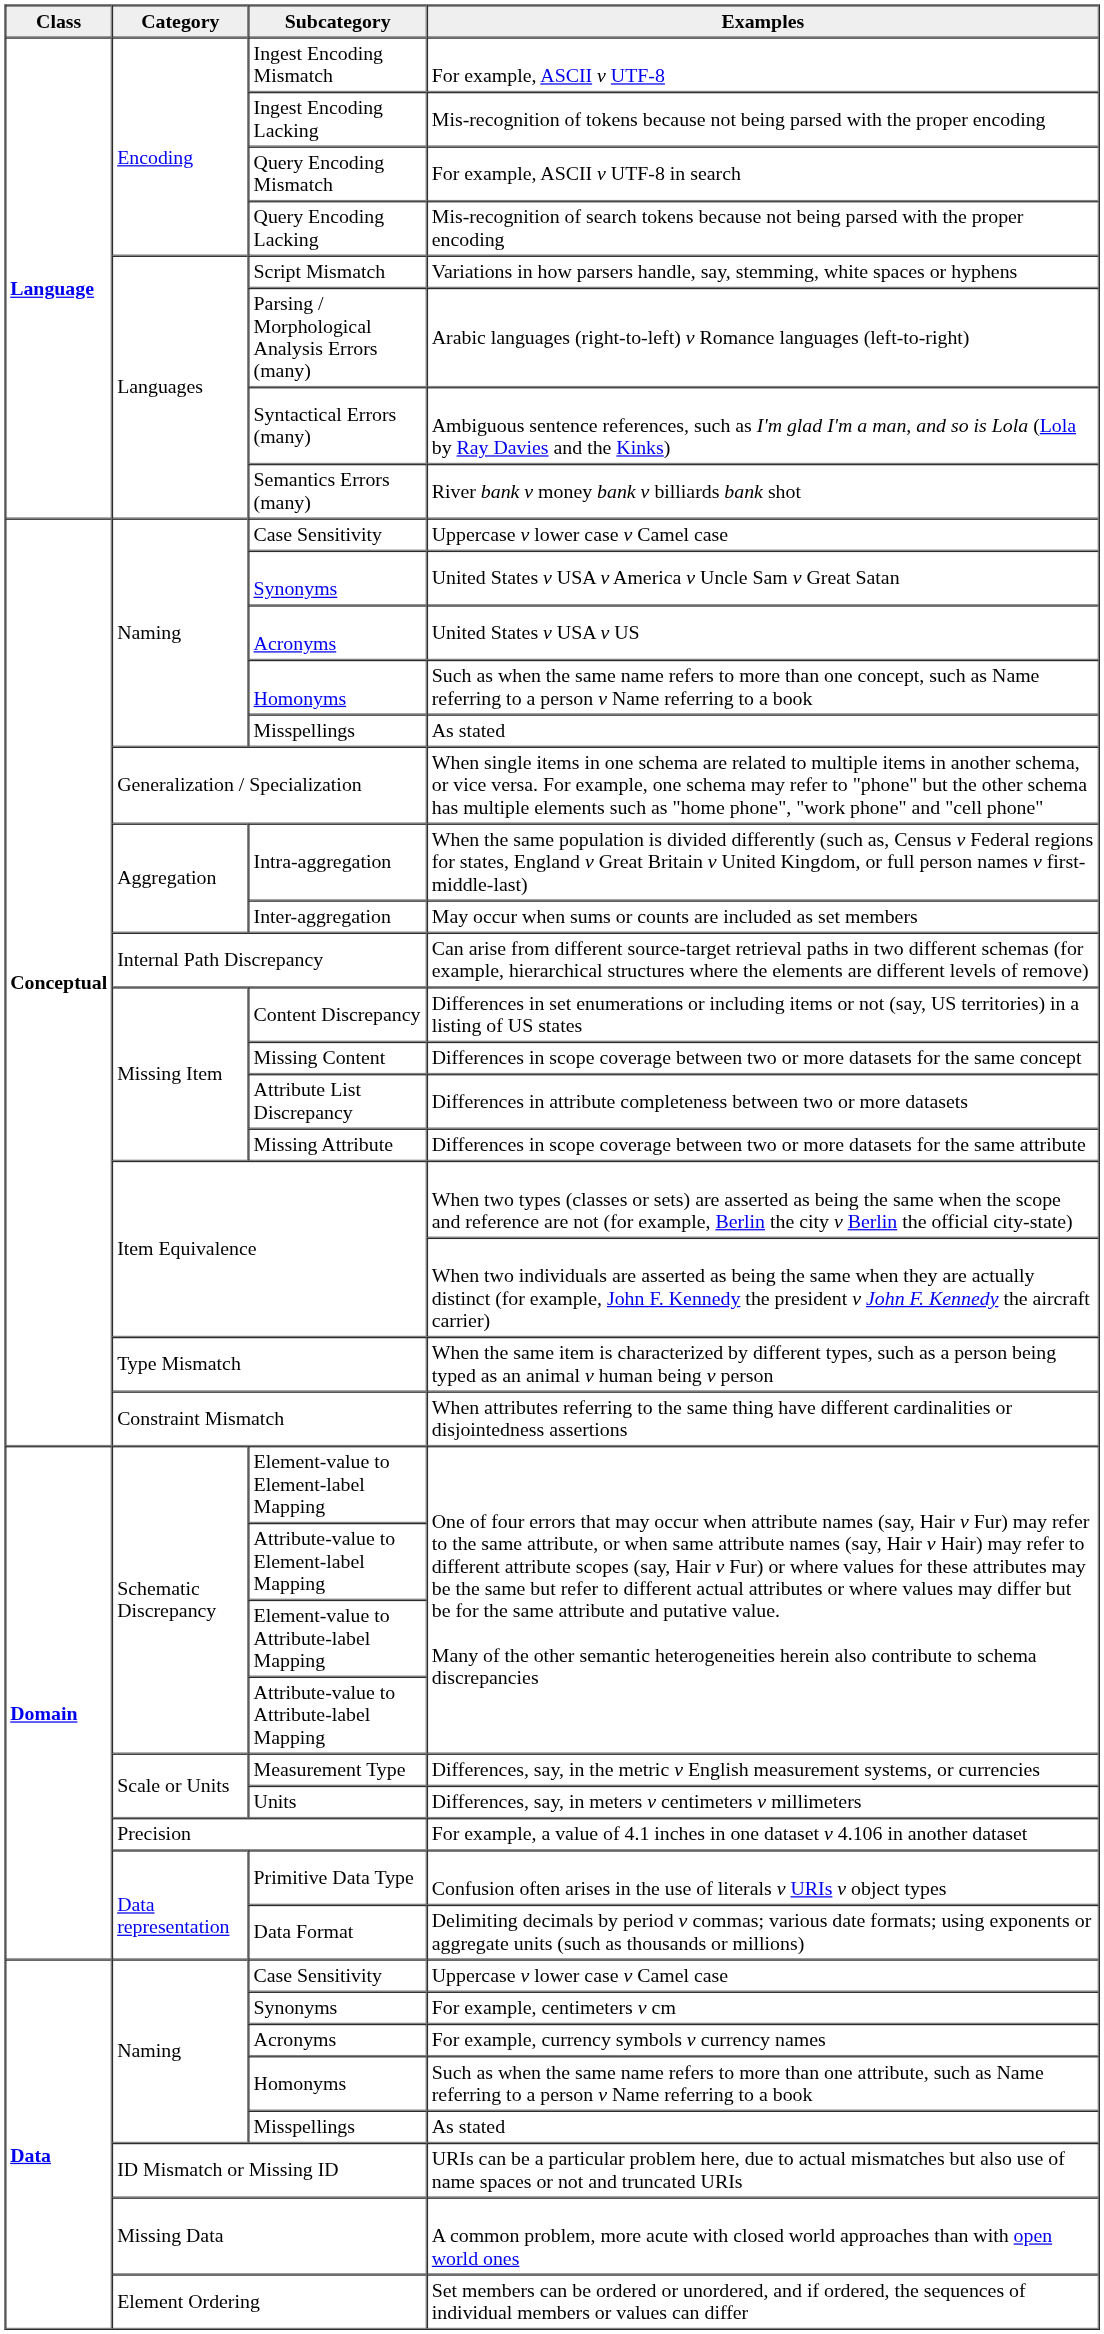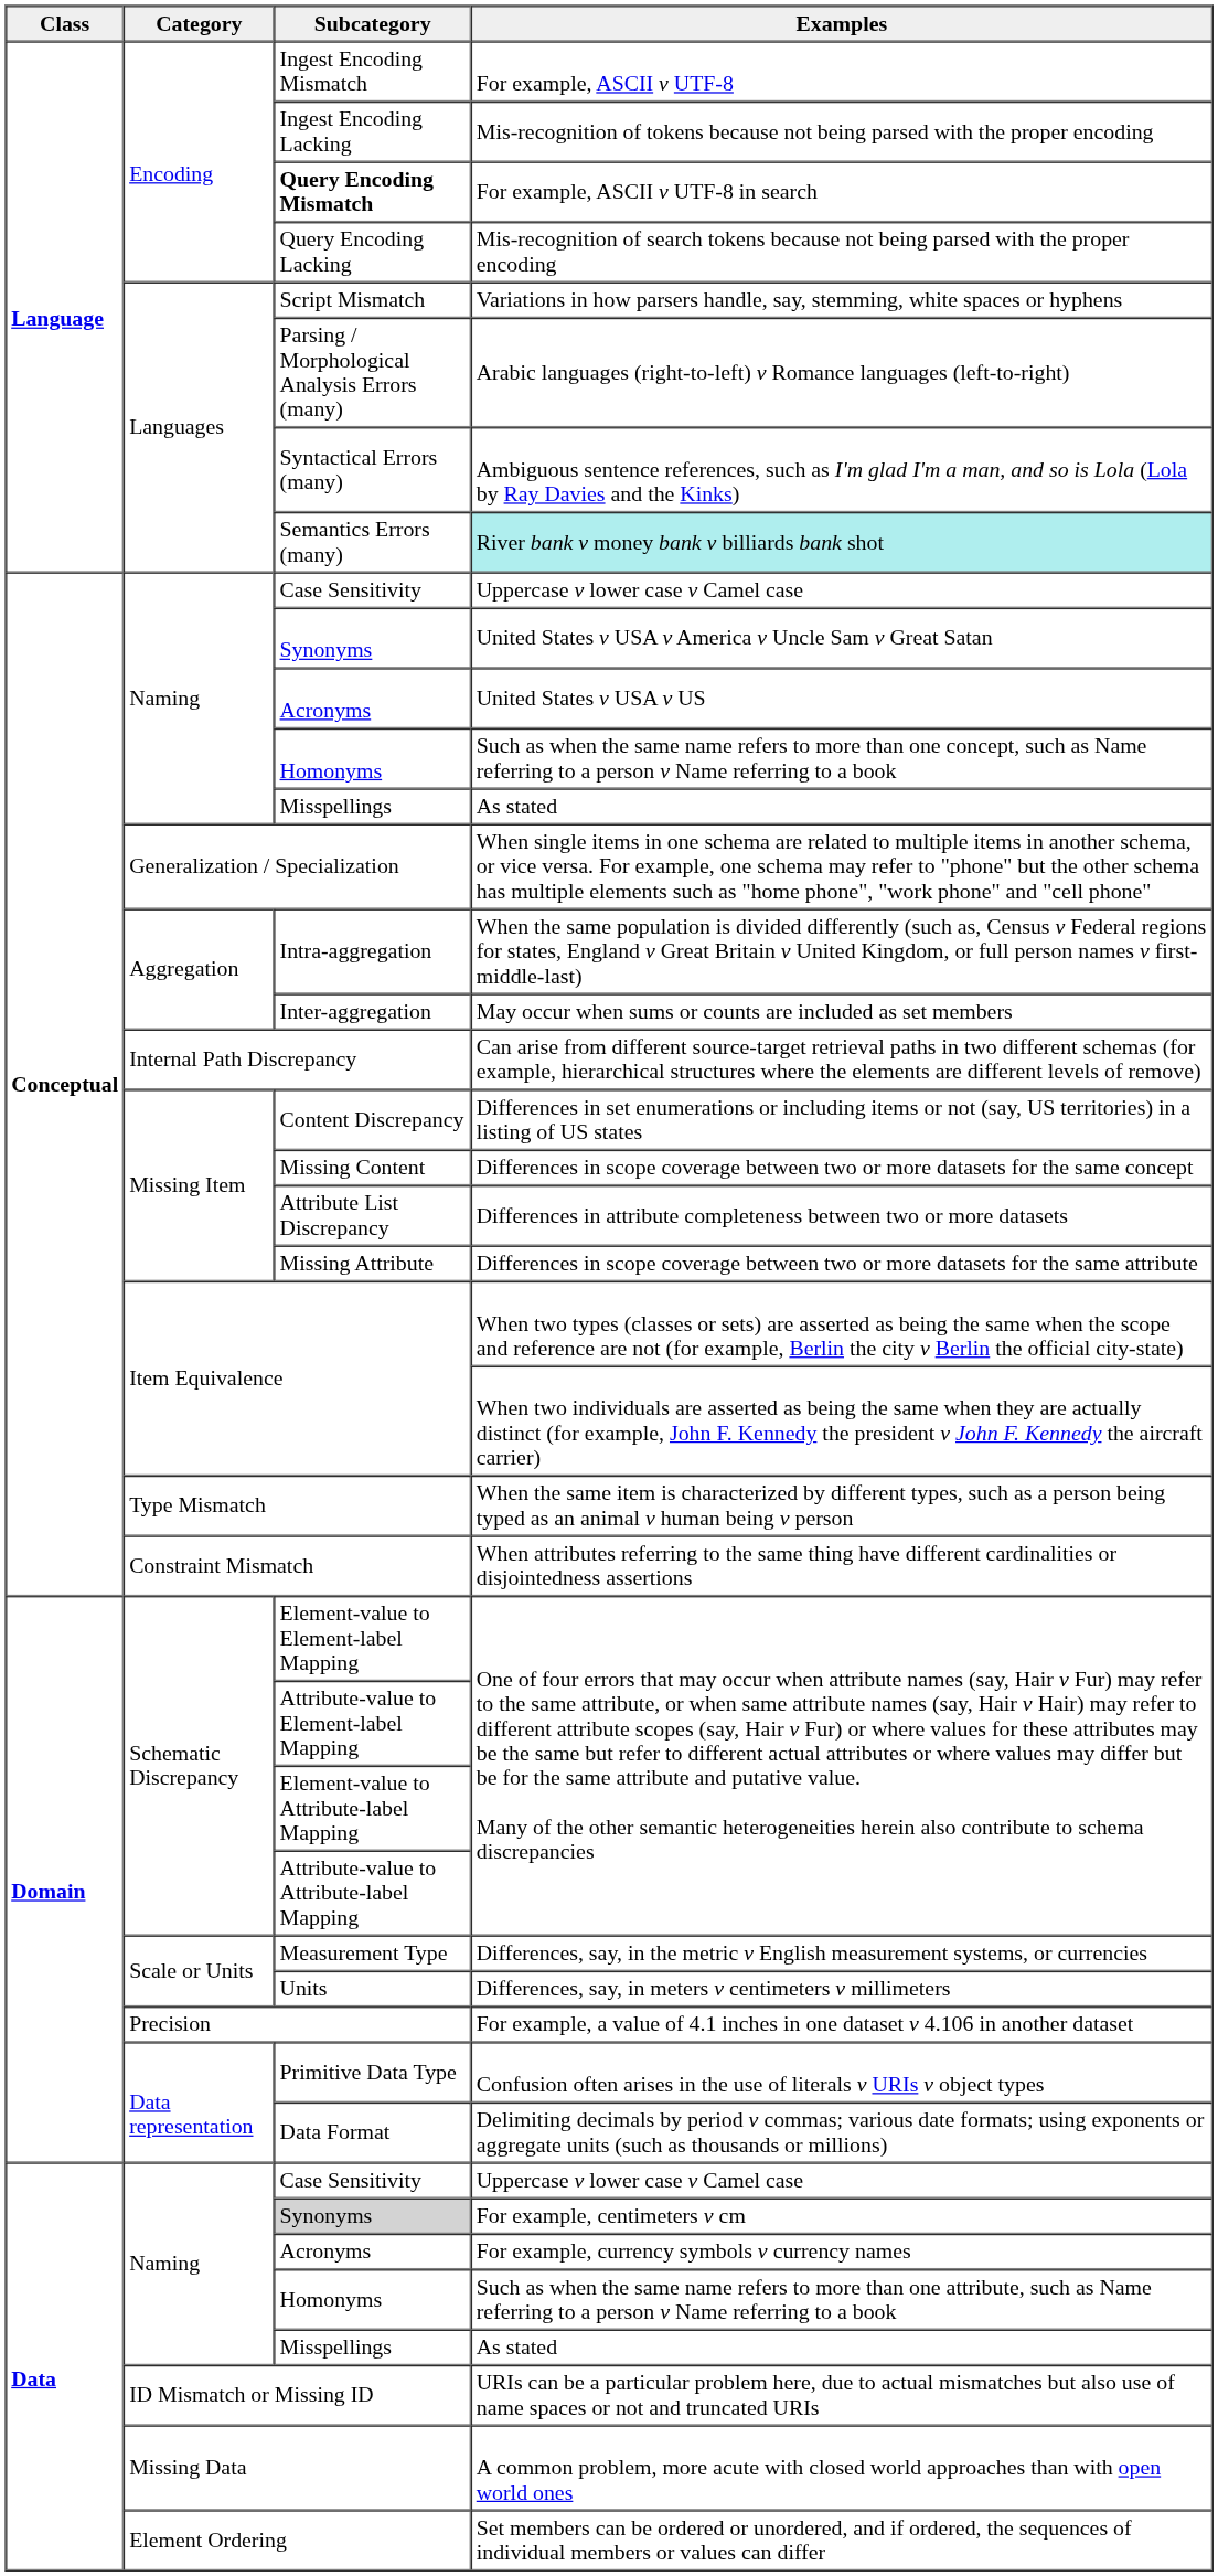 <table style="text-align: left; width: 100%;" border="1" cellpadding="3" cellspacing="0">
 <tr>
 <td style="vertical-align: middle; text-align: center; font-weight: bold; background: #EFEFEF">Class</td>
 <td style="vertical-align: middle; text-align: center; font-weight: bold; background: #EFEFEF">Category</td>
 <td style="vertical-align: middle; text-align: center; font-weight: bold; background: #EFEFEF">Subcategory</td>
 <td style="vertical-align: middle; text-align: center; font-weight: bold; background: #EFEFEF">Examples</td>
 </tr>
 <tr>
 <td rowspan="8" colspan="1"><br><strong><a href='#'>Language</a></strong></td>
 <td rowspan="4" colspan="1"><br><a href='#'>Encoding</a></td>
 <td>Ingest Encoding Mismatch</td>
 <td><br>For example, <a href='#'>ASCII</a> <em>v</em> <a href='#'>UTF-8</a></td>
 </tr>
 <tr>
 <td>Ingest Encoding Lacking</td>
 <td>Mis-recognition of tokens because not being parsed with the proper encoding</td>
 </tr>
 <tr>
-<td>Query Encoding Mismatch</td>
+<td><strong>Query Encoding Mismatch</strong></td>
 <td>For example, ASCII <em>v</em> UTF-8 in search</td>
 </tr>
 <tr>
 <td>Query Encoding Lacking</td>
 <td>Mis-recognition of search tokens because not being parsed with the proper encoding</td>
 </tr>
 <tr>
 <td rowspan="4" colspan="1">Languages</td>
 <td>Script Mismatch</td>
 <td>Variations in how parsers handle, say, stemming, white spaces or hyphens</td>
 </tr>
 <tr>
 <td>Parsing / Morphological Analysis Errors (many)</td>
 <td>Arabic languages (right-to-left) <em>v</em> Romance languages (left-to-right)</td>
 </tr>
 <tr>
 <td>Syntactical Errors (many)</td>
 <td><br>Ambiguous sentence references, such as <em>I'm glad I'm a man, and so is Lola</em> (<a href='#'>Lola</a> by <a href='#'>Ray Davies</a> and the <a href='#'>Kinks</a>)</td>
 </tr>
 <tr>
 <td>Semantics Errors (many)</td>
-<td>River <em>bank</em> <em>v</em> money <em>bank</em> <em>v</em> billiards <em>bank</em> shot</td>
+<td style="background: paleturquoise;">River <em>bank</em> <em>v</em> money <em>bank</em> <em>v</em> billiards <em>bank</em> shot</td>
 </tr>
 <tr>
 <td rowspan="17" colspan="1"><strong>Conceptual</strong></td>
 <td rowspan="5" colspan="1">Naming</td>
 <td>Case Sensitivity</td>
 <td>Uppercase <em>v</em> lower case <em>v</em> Camel case</td>
 </tr>
 <tr>
 <td><br><a href='#'>Synonyms</a></td>
 <td>United States <em>v</em> USA <em>v</em> America <em>v</em> Uncle Sam <em>v</em> Great Satan</td>
 </tr>
 <tr>
 <td><br><a href='#'>Acronyms</a></td>
 <td>United States <em>v</em> USA <em>v</em> US</td>
 </tr>
 <tr>
 <td><br><a href='#'>Homonyms</a></td>
 <td>Such as when the same name refers to more than one concept, such as Name referring to a person <em>v</em> Name referring to a book</td>
 </tr>
 <tr>
 <td>Misspellings</td>
 <td>As stated</td>
 </tr>
 <tr>
 <td rowspan="1" colspan="2">Generalization / Specialization</td>
 <td>When single items in one schema are related to multiple items in another schema, or vice versa. For example, one schema may refer to "phone" but the other schema has multiple elements such as "home phone", "work phone" and "cell phone"</td>
 </tr>
 <tr>
 <td rowspan="2" colspan="1">Aggregation</td>
 <td>Intra-aggregation</td>
 <td>When the same population is divided differently (such as, Census <em>v</em> Federal regions for states, England <em>v</em> Great Britain <em>v</em> United Kingdom, or full person names <em>v</em> first-middle-last)</td>
 </tr>
 <tr>
 <td>Inter-aggregation</td>
 <td>May occur when sums or counts are included as set members</td>
 </tr>
 <tr>
 <td rowspan="1" colspan="2">Internal Path Discrepancy</td>
 <td>Can arise from different source-target retrieval paths in two different schemas (for example, hierarchical structures where the elements are different levels of remove)</td>
 </tr>
 <tr>
 <td rowspan="4" colspan="1">Missing Item</td>
 <td>Content Discrepancy</td>
 <td>Differences in set enumerations or including items or not (say, US territories) in a listing of US states</td>
 </tr>
 <tr>
 <td>Missing Content</td>
 <td>Differences in scope coverage between two or more datasets for the same concept</td>
 </tr>
 <tr>
 <td>Attribute List Discrepancy</td>
 <td>Differences in attribute completeness between two or more datasets</td>
 </tr>
 <tr>
 <td>Missing Attribute</td>
 <td>Differences in scope coverage between two or more datasets for the same attribute</td>
 </tr>
 <tr>
 <td rowspan="2" colspan="2">Item Equivalence</td>
 <td><br>When two types (classes or sets) are asserted as being the same when the scope and reference are not (for example, <a href='#'>Berlin</a> the city <em>v</em>  <a href='#'>Berlin</a> the official city-state)</td>
 </tr>
 <tr>
 <td><br>When two individuals are asserted as being the same when they are actually distinct (for example, <a href='#'>John F. Kennedy</a> the president <em>v</em>  <a href='#'><em>John F. Kennedy</em></a> the aircraft carrier)</td>
 </tr>
 <tr>
 <td rowspan="1" colspan="2">Type Mismatch</td>
 <td>When the same item is characterized by different types, such as a person being typed as an animal <em>v</em> human being <em>v</em> person</td>
 </tr>
 <tr>
 <td rowspan="1" colspan="2">Constraint Mismatch</td>
 <td>When attributes referring to the same thing have different cardinalities or disjointedness assertions</td>
 </tr>
 <tr>
 <td rowspan="9" colspan="1"><br><strong><a href='#'>Domain</a></strong></td>
 <td rowspan="4" colspan="1">Schematic Discrepancy</td>
 <td>Element-value to Element-label Mapping</td>
 <td rowspan="4" colspan="1">One of four errors that may occur when attribute names (say, Hair <em>v</em> Fur) may refer to the same attribute, or when same attribute names (say, Hair <em>v</em> Hair) may refer to different attribute scopes (say, Hair <em>v</em> Fur) or where values for these attributes may be the same but refer to different actual attributes or where values may differ but be for the same attribute and putative value. <br><br> Many of the other semantic heterogeneities herein also contribute to schema discrepancies</td>
 </tr>
 <tr>
 <td>Attribute-value to Element-label Mapping</td>
 </tr>
 <tr>
 <td>Element-value to Attribute-label Mapping</td>
 </tr>
 <tr>
 <td>Attribute-value to Attribute-label Mapping</td>
 </tr>
 <tr>
 <td rowspan="2" colspan="1">Scale or Units</td>
 <td>Measurement Type</td>
 <td>Differences, say, in the metric <em>v</em> English measurement systems, or currencies</td>
 </tr>
 <tr>
 <td>Units</td>
 <td>Differences, say, in meters <em>v</em> centimeters <em>v</em> millimeters</td>
 </tr>
 <tr>
 <td rowspan="1" colspan="2">Precision</td>
 <td>For example, a value of 4.1 inches in one dataset <em>v</em> 4.106 in another dataset</td>
 </tr>
 <tr>
 <td rowspan="2" colspan="1"><br><a href='#'>Data representation</a></td>
 <td>Primitive Data Type</td>
 <td><br>Confusion often arises in the use of literals <em>v</em> <a href='#'>URIs</a> <em>v</em> object types</td>
 </tr>
 <tr>
 <td>Data Format</td>
 <td>Delimiting decimals by period <em>v</em> commas; various date formats; using exponents or aggregate units (such as thousands or millions)</td>
 </tr>
 <tr>
 <td rowspan="8" colspan="1"><br><strong><a href='#'>Data</a></strong></td>
 <td rowspan="5" colspan="1">Naming</td>
 <td>Case Sensitivity</td>
 <td>Uppercase <em>v</em> lower case <em>v</em> Camel case</td>
 </tr>
 <tr>
-<td>Synonyms</td>
+<td style="background: lightgrey;">Synonyms</td>
 <td>For example, centimeters <em>v</em> cm</td>
 </tr>
 <tr>
 <td>Acronyms</td>
 <td>For example, currency symbols <em>v</em> currency names</td>
 </tr>
 <tr>
 <td>Homonyms</td>
 <td>Such as when the same name refers to more than one attribute, such as Name referring to a person <em>v</em> Name referring to a book</td>
 </tr>
 <tr>
 <td>Misspellings</td>
 <td>As stated</td>
 </tr>
 <tr>
 <td rowspan="1" colspan="2">ID Mismatch or Missing ID</td>
 <td>URIs can be a particular problem here, due to actual mismatches but also use of name spaces or not and truncated URIs</td>
 </tr>
 <tr>
 <td rowspan="1" colspan="2">Missing Data</td>
 <td><br>A common problem, more acute with closed world approaches than with <a href='#'>open world ones</a></td>
 </tr>
 <tr>
 <td rowspan="1" colspan="2">Element Ordering</td>
 <td>Set members can be ordered or unordered, and if ordered, the sequences of individual members or values can differ</td>
 </tr>
 </table>
